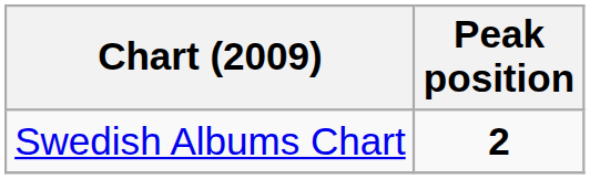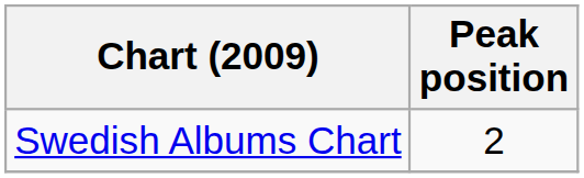 <table class="wikitable">
 <tr>
 <th>Chart (2009)</th>
 <th>Peak<br>position</th>
 </tr>
 <tr>
 <td><a href='#'>Swedish Albums Chart</a></td>
-<td align="center"><strong>2</strong></td>
+<td align="center">2</td>
 </tr>
 <tr>
 </tr>
 </table>
